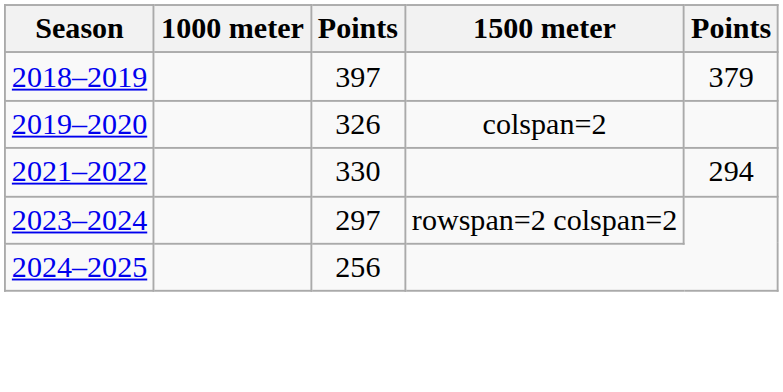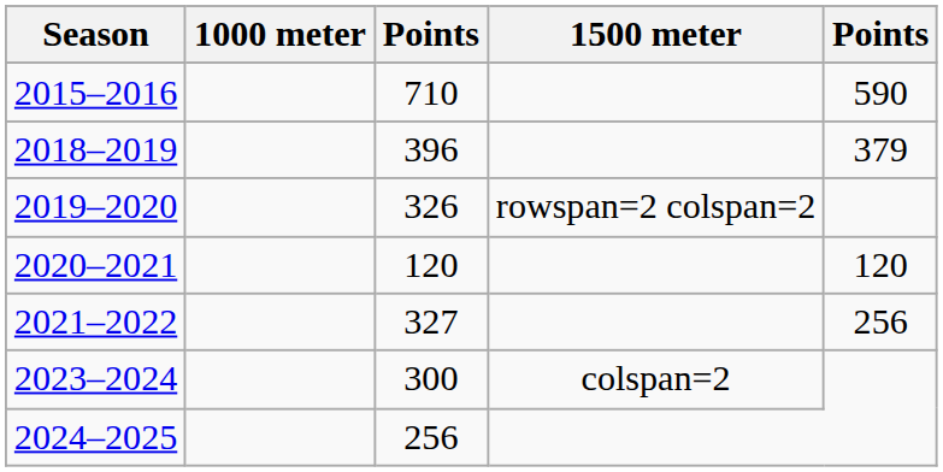 <table class="wikitable" style="display: inline-table;">
 <tr>
 <th>Season</th>
 <th>1000 meter</th>
 <th>Points</th>
 <th>1500 meter</th>
 <th>Points</th>
 </tr>
 <tr style="text-align:center">
+<td><a href='#'>2015–2016</a></td>
+<td></td>
+<td>710</td>
+<td></td>
+<td>590</td>
+</tr>
+<tr style="text-align:center">
 <td><a href='#'>2018–2019</a></td>
 <td></td>
-<td>397</td>
+<td>396</td>
 <td></td>
 <td>379</td>
 </tr>
 <tr style="text-align:center">
 <td><a href='#'>2019–2020</a></td>
 <td></td>
 <td>326</td>
-<td>colspan=2 </td>
+<td>rowspan=2 colspan=2 </td>
+</tr>
+<tr style="text-align:center">
+<td><a href='#'>2020–2021</a></td>
+<td></td>
+<td>120</td>
+<td></td>
+<td>120</td>
 </tr>
 <tr style="text-align:center">
 <td><a href='#'>2021–2022</a></td>
 <td></td>
-<td>330</td>
+<td>327</td>
 <td></td>
-<td>294</td>
+<td>256</td>
 </tr>
 <tr style="text-align:center">
 <td><a href='#'>2023–2024</a></td>
 <td></td>
-<td>297</td>
-<td>rowspan=2 colspan=2 </td>
+<td>300</td>
+<td>colspan=2 </td>
 </tr>
 <tr style="text-align:center">
 <td><a href='#'>2024–2025</a></td>
 <td></td>
 <td>256</td>
 </tr>
 </table>
